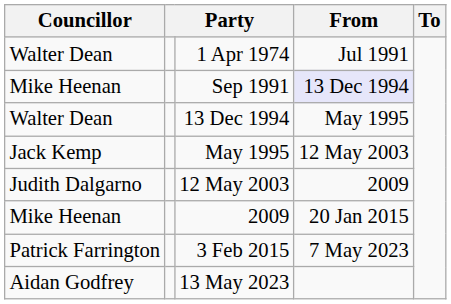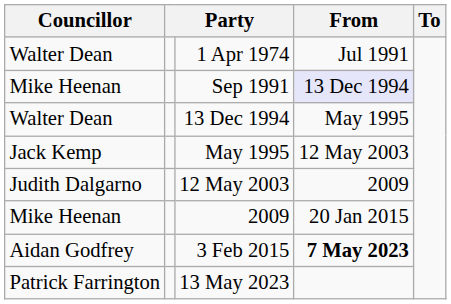 <table class=wikitable>
 <tr>
 <th>Councillor</th>
 <th colspan=2>Party</th>
 <th>From</th>
 <th>To</th>
 </tr>
 <tr>
 <td>Walter Dean</td>
 <td></td>
 <td align=right>1 Apr 1974</td>
 <td align=right>Jul 1991</td>
 </tr>
 <tr>
 <td>Mike Heenan</td>
 <td></td>
 <td align=right>Sep 1991</td>
 <td align=right style="background: lavender;">13 Dec 1994</td>
 </tr>
 <tr>
 <td>Walter Dean</td>
 <td></td>
 <td align=right>13 Dec 1994</td>
 <td align=right>May 1995</td>
 </tr>
 <tr>
 <td>Jack Kemp</td>
 <td></td>
 <td align=right>May 1995</td>
 <td align=right>12 May 2003</td>
 </tr>
 <tr>
 <td>Judith Dalgarno</td>
 <td></td>
 <td align=right>12 May 2003</td>
 <td align=right>2009</td>
 </tr>
 <tr>
 <td>Mike Heenan</td>
 <td></td>
 <td align=right>2009</td>
 <td align=right>20 Jan 2015</td>
 </tr>
 <tr>
-<td>Patrick Farrington</td>
+<td>Aidan Godfrey</td>
 <td></td>
 <td align=right>3 Feb 2015</td>
-<td align=right>7 May 2023</td>
+<td align=right><strong>7 May 2023</strong></td>
 </tr>
 <tr>
-<td>Aidan Godfrey</td>
+<td>Patrick Farrington</td>
 <td></td>
 <td align=right>13 May 2023</td>
 <td align=right></td>
 </tr>
 </table>
